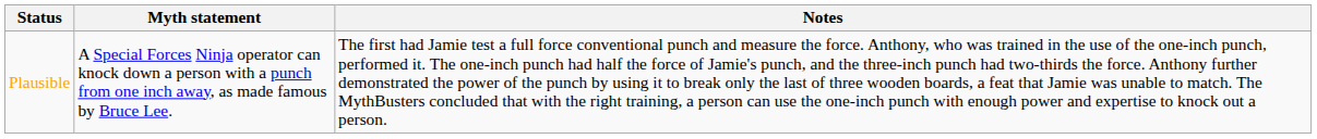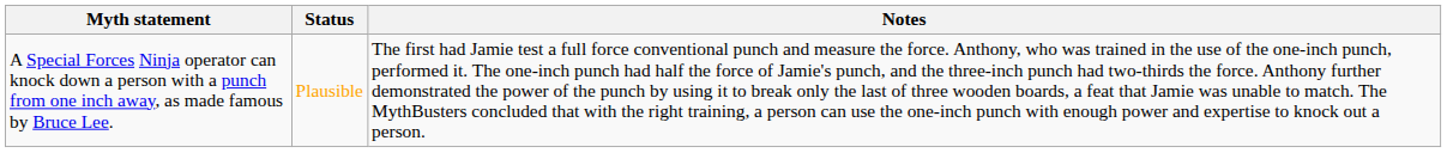 <table class="wikitable plainrowheaders">
 <tr>
+<th>Myth statement</th>
 <th>Status</th>
-<th>Myth statement</th>
 <th>Notes</th>
 </tr>
 <tr>
+<td>A <a href='#'>Special Forces</a> <a href='#'>Ninja</a> operator can knock down a person with a <a href='#'>punch from one inch away</a>, as made famous by <a href='#'>Bruce Lee</a>.</td>
 <td style="color:orange">Plausible</td>
-<td>A <a href='#'>Special Forces</a> <a href='#'>Ninja</a> operator can knock down a person with a <a href='#'>punch from one inch away</a>, as made famous by <a href='#'>Bruce Lee</a>.</td>
 <td>The first had Jamie test a full force conventional punch and measure the force. Anthony, who was trained in the use of the one-inch punch, performed it. The one-inch punch had half the force of Jamie's punch, and the three-inch punch had two-thirds the force. Anthony further demonstrated the power of the punch by using it to break only the last of three wooden boards, a feat that Jamie was unable to match. The MythBusters concluded that with the right training, a person can use the one-inch punch with enough power and expertise to knock out a person.</td>
 </tr>
 </table>
